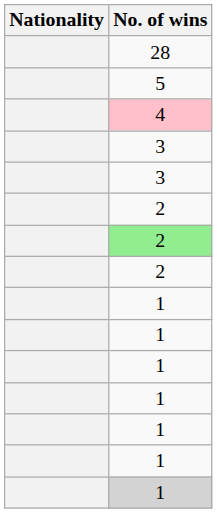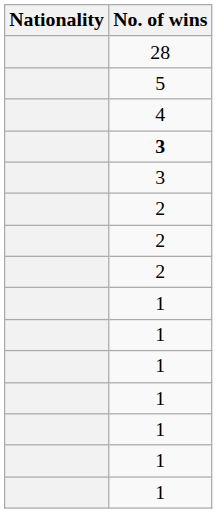 <table class="wikitable plainrowheaders">
 <tr>
 <th scope=col>Nationality</th>
 <th scope=col>No. of wins</th>
 </tr>
 <tr>
 <th scope=row></th>
 <td align=center>28</td>
 </tr>
 <tr>
 <th scope=row></th>
 <td align=center>5</td>
 </tr>
 <tr>
 <th scope=row></th>
-<td align=center style="background: pink;">4</td>
+<td align=center>4</td>
 </tr>
 <tr>
 <th scope=row></th>
-<td align=center>3</td>
+<td align=center><strong>3</strong></td>
 </tr>
 <tr>
 <th scope=row></th>
 <td align=center>3</td>
 </tr>
 <tr>
 <th scope=row></th>
 <td align=center>2</td>
 </tr>
 <tr>
 <th scope=row></th>
-<td align=center style="background: lightgreen;">2</td>
+<td align=center>2</td>
 </tr>
 <tr>
 <th scope=row></th>
 <td align=center>2</td>
 </tr>
 <tr>
 <th scope=row></th>
 <td align=center>1</td>
 </tr>
 <tr>
 <th scope=row></th>
 <td align=center>1</td>
 </tr>
 <tr>
 <th scope=row></th>
 <td align=center>1</td>
 </tr>
 <tr>
 <th scope=row></th>
 <td align=center>1</td>
 </tr>
 <tr>
 <th scope=row></th>
 <td align=center>1</td>
 </tr>
 <tr>
 <th scope=row></th>
 <td align=center>1</td>
 </tr>
 <tr>
 <th scope=row></th>
-<td align=center style="background: lightgrey;">1</td>
+<td align=center>1</td>
 </tr>
 </table>
